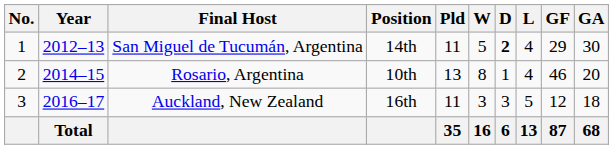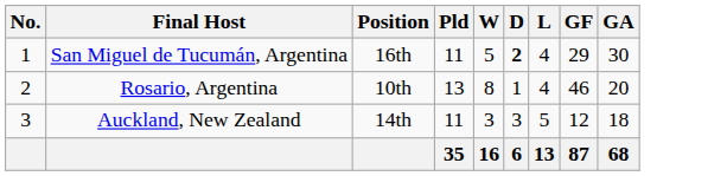 <table class="wikitable" style="text-align: center;">
 <tr>
 <th>No.</th>
-<th>Year</th>
 <th>Final Host</th>
 <th>Position</th>
 <th>Pld</th>
 <th>W</th>
 <th>D</th>
 <th>L</th>
 <th>GF</th>
 <th>GA</th>
 </tr>
 <tr>
 <td>1</td>
-<td><a href='#'>2012–13</a></td>
 <td> <a href='#'>San Miguel de Tucumán</a>, Argentina</td>
-<td>14th</td>
+<td>16th</td>
 <td>11</td>
 <td>5</td>
 <td><strong>2</strong></td>
 <td>4</td>
 <td>29</td>
 <td>30</td>
 </tr>
 <tr>
 <td>2</td>
-<td><a href='#'>2014–15</a></td>
 <td> <a href='#'>Rosario</a>, Argentina</td>
 <td>10th</td>
 <td>13</td>
 <td>8</td>
 <td>1</td>
 <td>4</td>
 <td>46</td>
 <td>20</td>
 </tr>
 <tr>
 <td>3</td>
-<td><a href='#'>2016–17</a></td>
 <td> <a href='#'>Auckland</a>, New Zealand</td>
-<td>16th</td>
+<td>14th</td>
 <td>11</td>
 <td>3</td>
 <td>3</td>
 <td>5</td>
 <td>12</td>
 <td>18</td>
 </tr>
 <tr>
 <th></th>
-<th>Total</th>
 <th></th>
 <th></th>
 <th>35</th>
 <th>16</th>
 <th>6</th>
 <th>13</th>
 <th>87</th>
 <th>68</th>
 </tr>
 </table>
